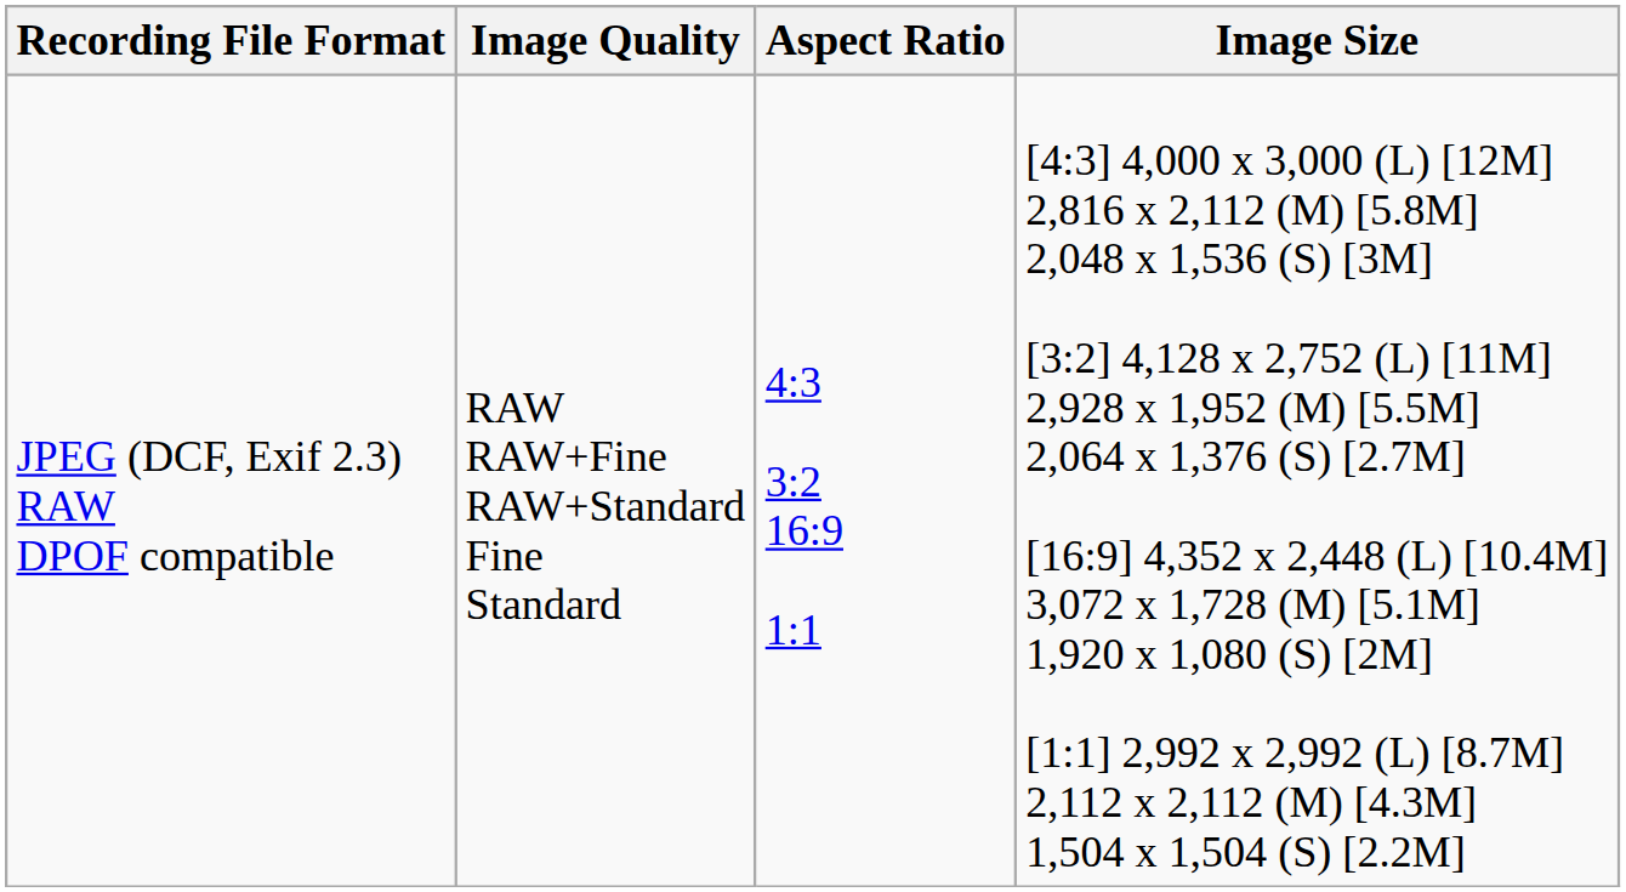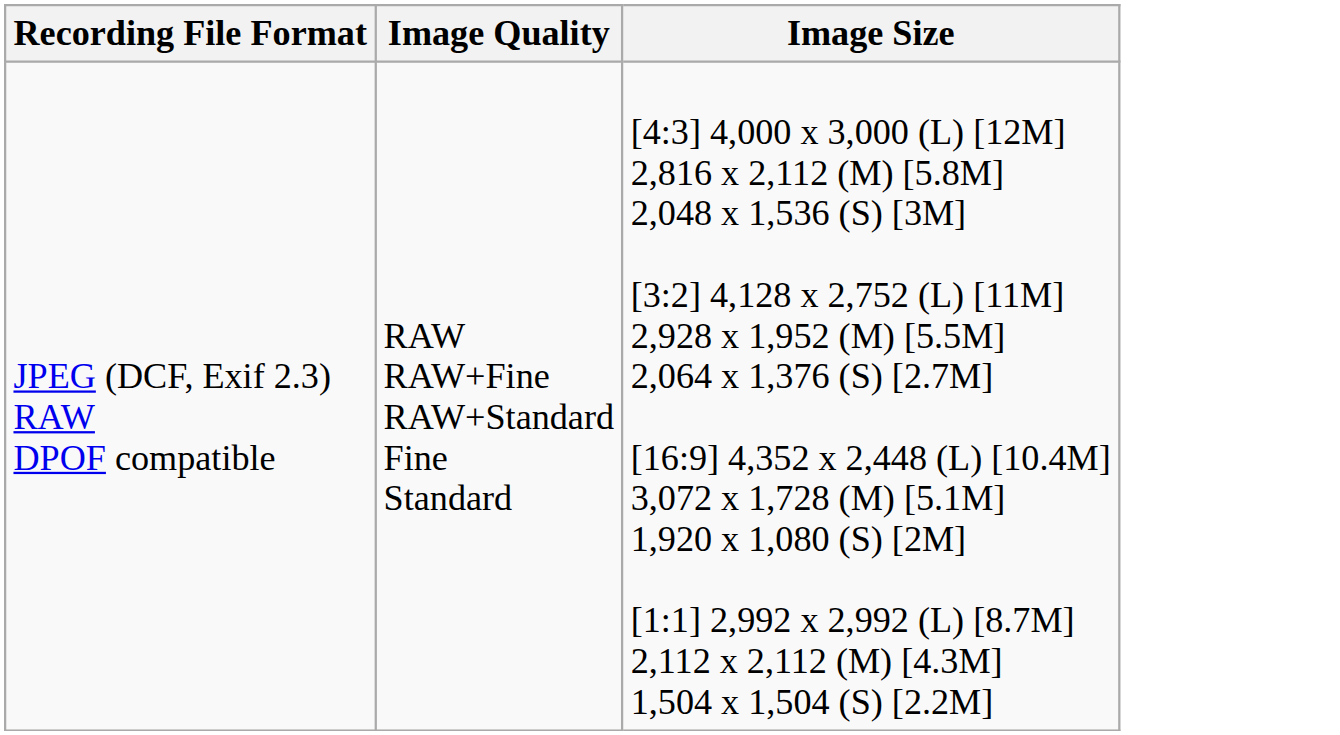 <table class="wikitable plainlinks" border="1">
 <tr>
 <th>Recording File Format</th>
 <th>Image Quality</th>
-<th>Aspect Ratio</th>
 <th>Image Size</th>
 </tr>
 <tr>
 <td><br><a href='#'>JPEG</a> (DCF, Exif 2.3)<br> <a href='#'>RAW</a><br> <a href='#'>DPOF</a> compatible</td>
 <td><br>RAW<br> RAW+Fine<br> RAW+Standard<br> Fine<br> Standard</td>
-<td><br><a href='#'>4:3</a><br><br> <a href='#'>3:2</a><br><a href='#'>16:9</a><br><br> <a href='#'>1:1</a></td>
 <td><br>[4:3] 4,000 x 3,000 (L) [12M]<br> 2,816 x 2,112 (M) [5.8M]<br> 2,048 x 1,536 (S) [3M]<br> <br> [3:2] 4,128 x 2,752 (L) [11M]<br> 2,928 x 1,952 (M) [5.5M]<br> 2,064 x 1,376 (S) [2.7M]<br> <br> [16:9] 4,352 x 2,448 (L) [10.4M]<br> 3,072 x 1,728 (M) [5.1M]<br> 1,920 x 1,080 (S) [2M]<br> <br> [1:1] 2,992 x 2,992 (L) [8.7M]<br> 2,112 x 2,112 (M) [4.3M]<br> 1,504 x 1,504 (S) [2.2M]</td>
 </tr>
 </table>
